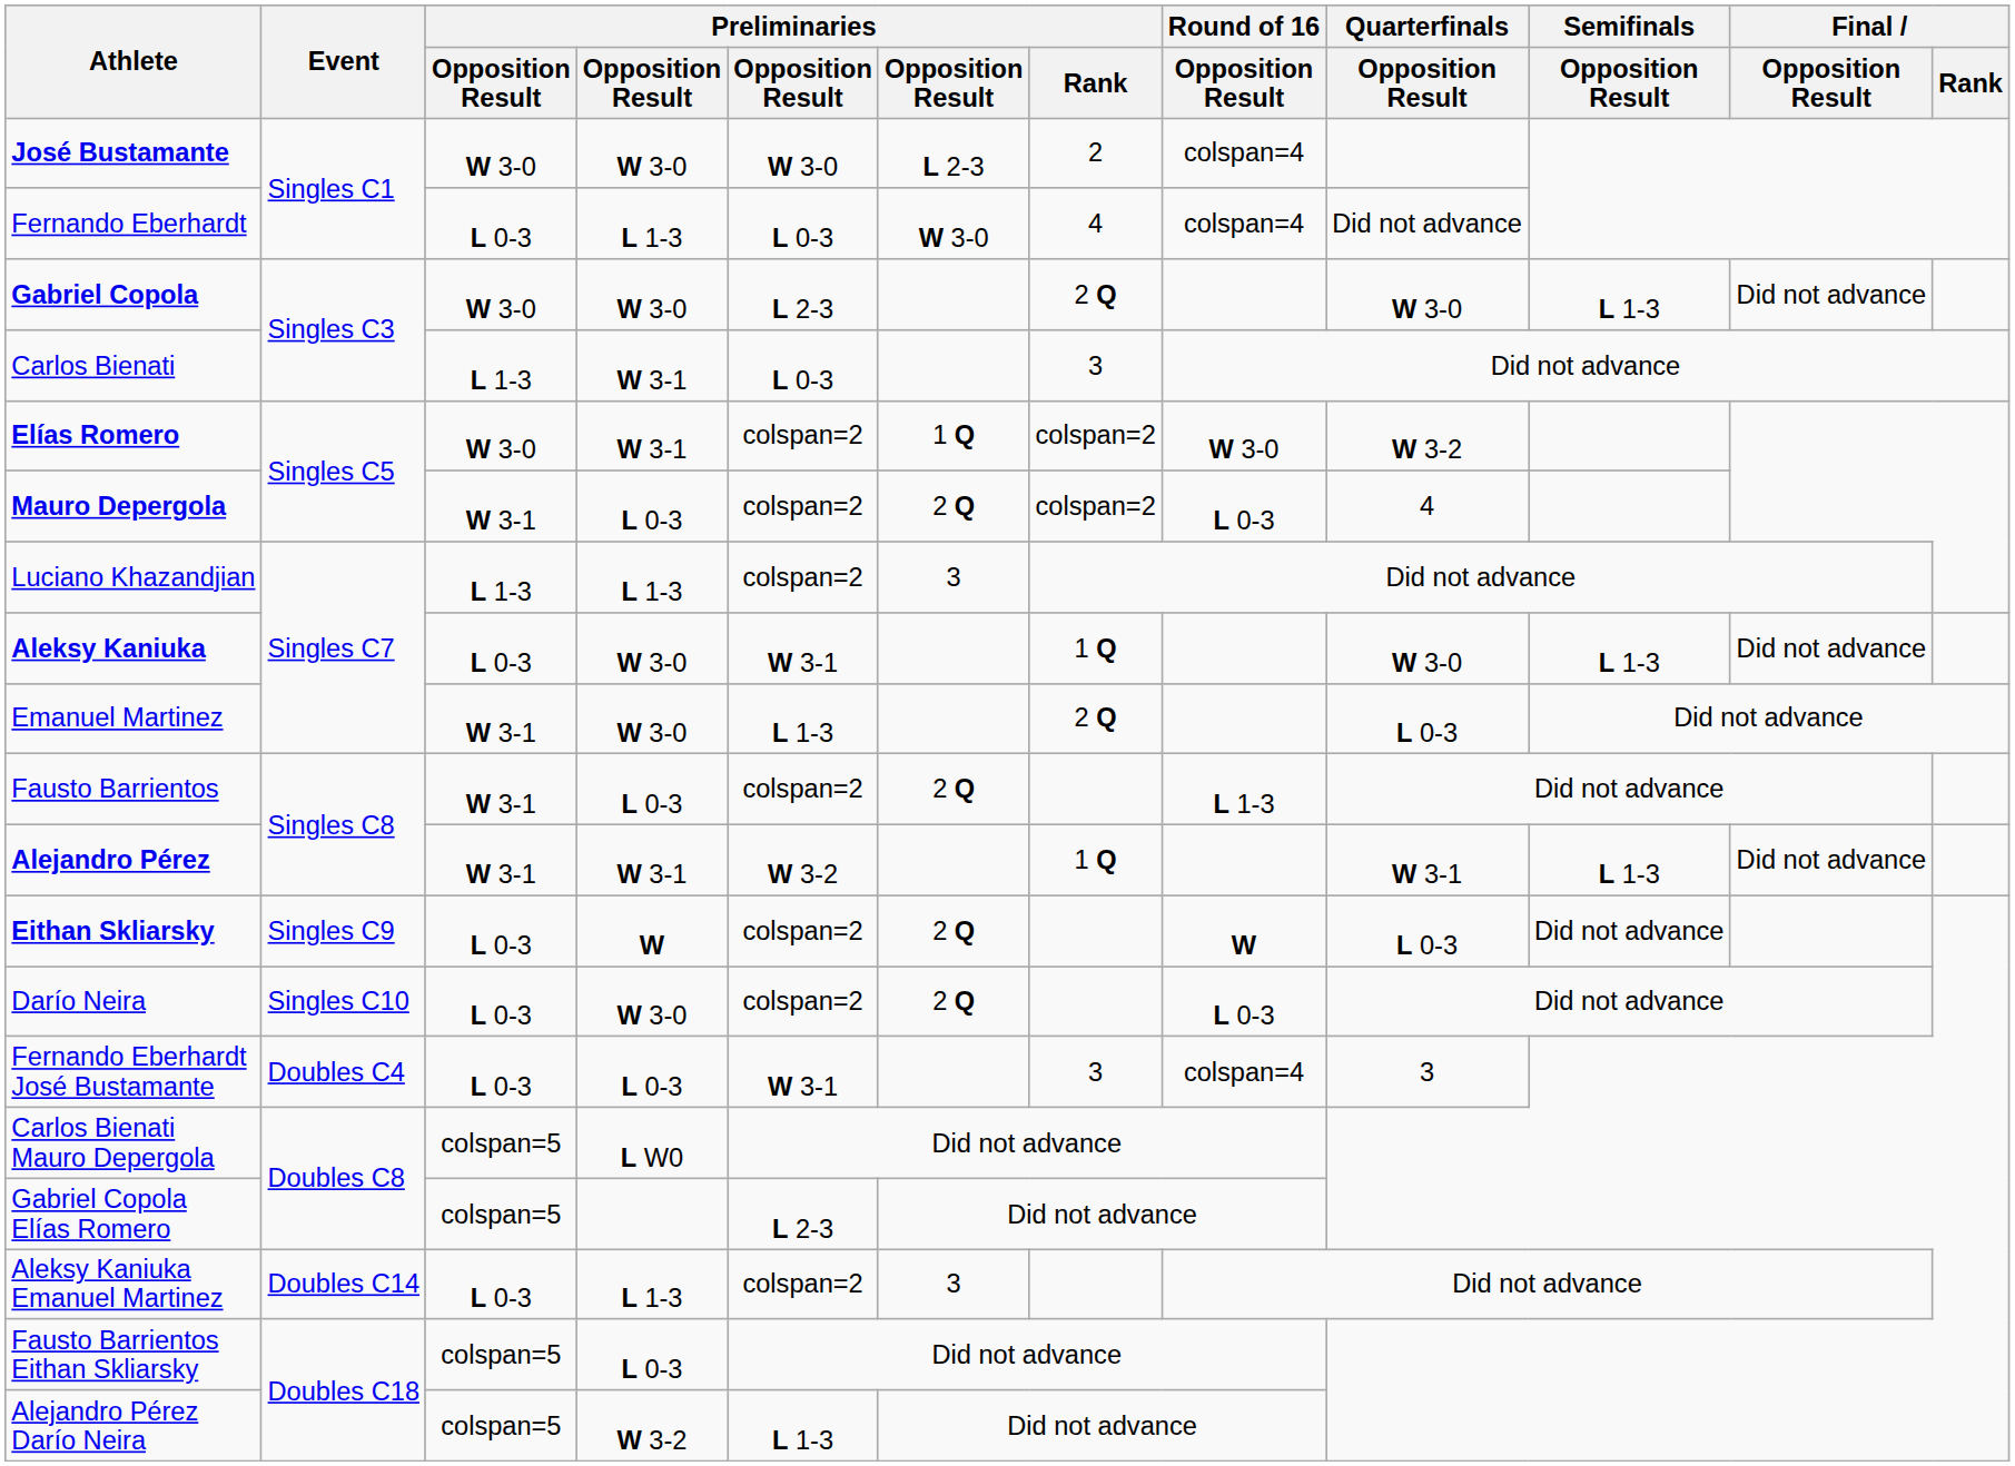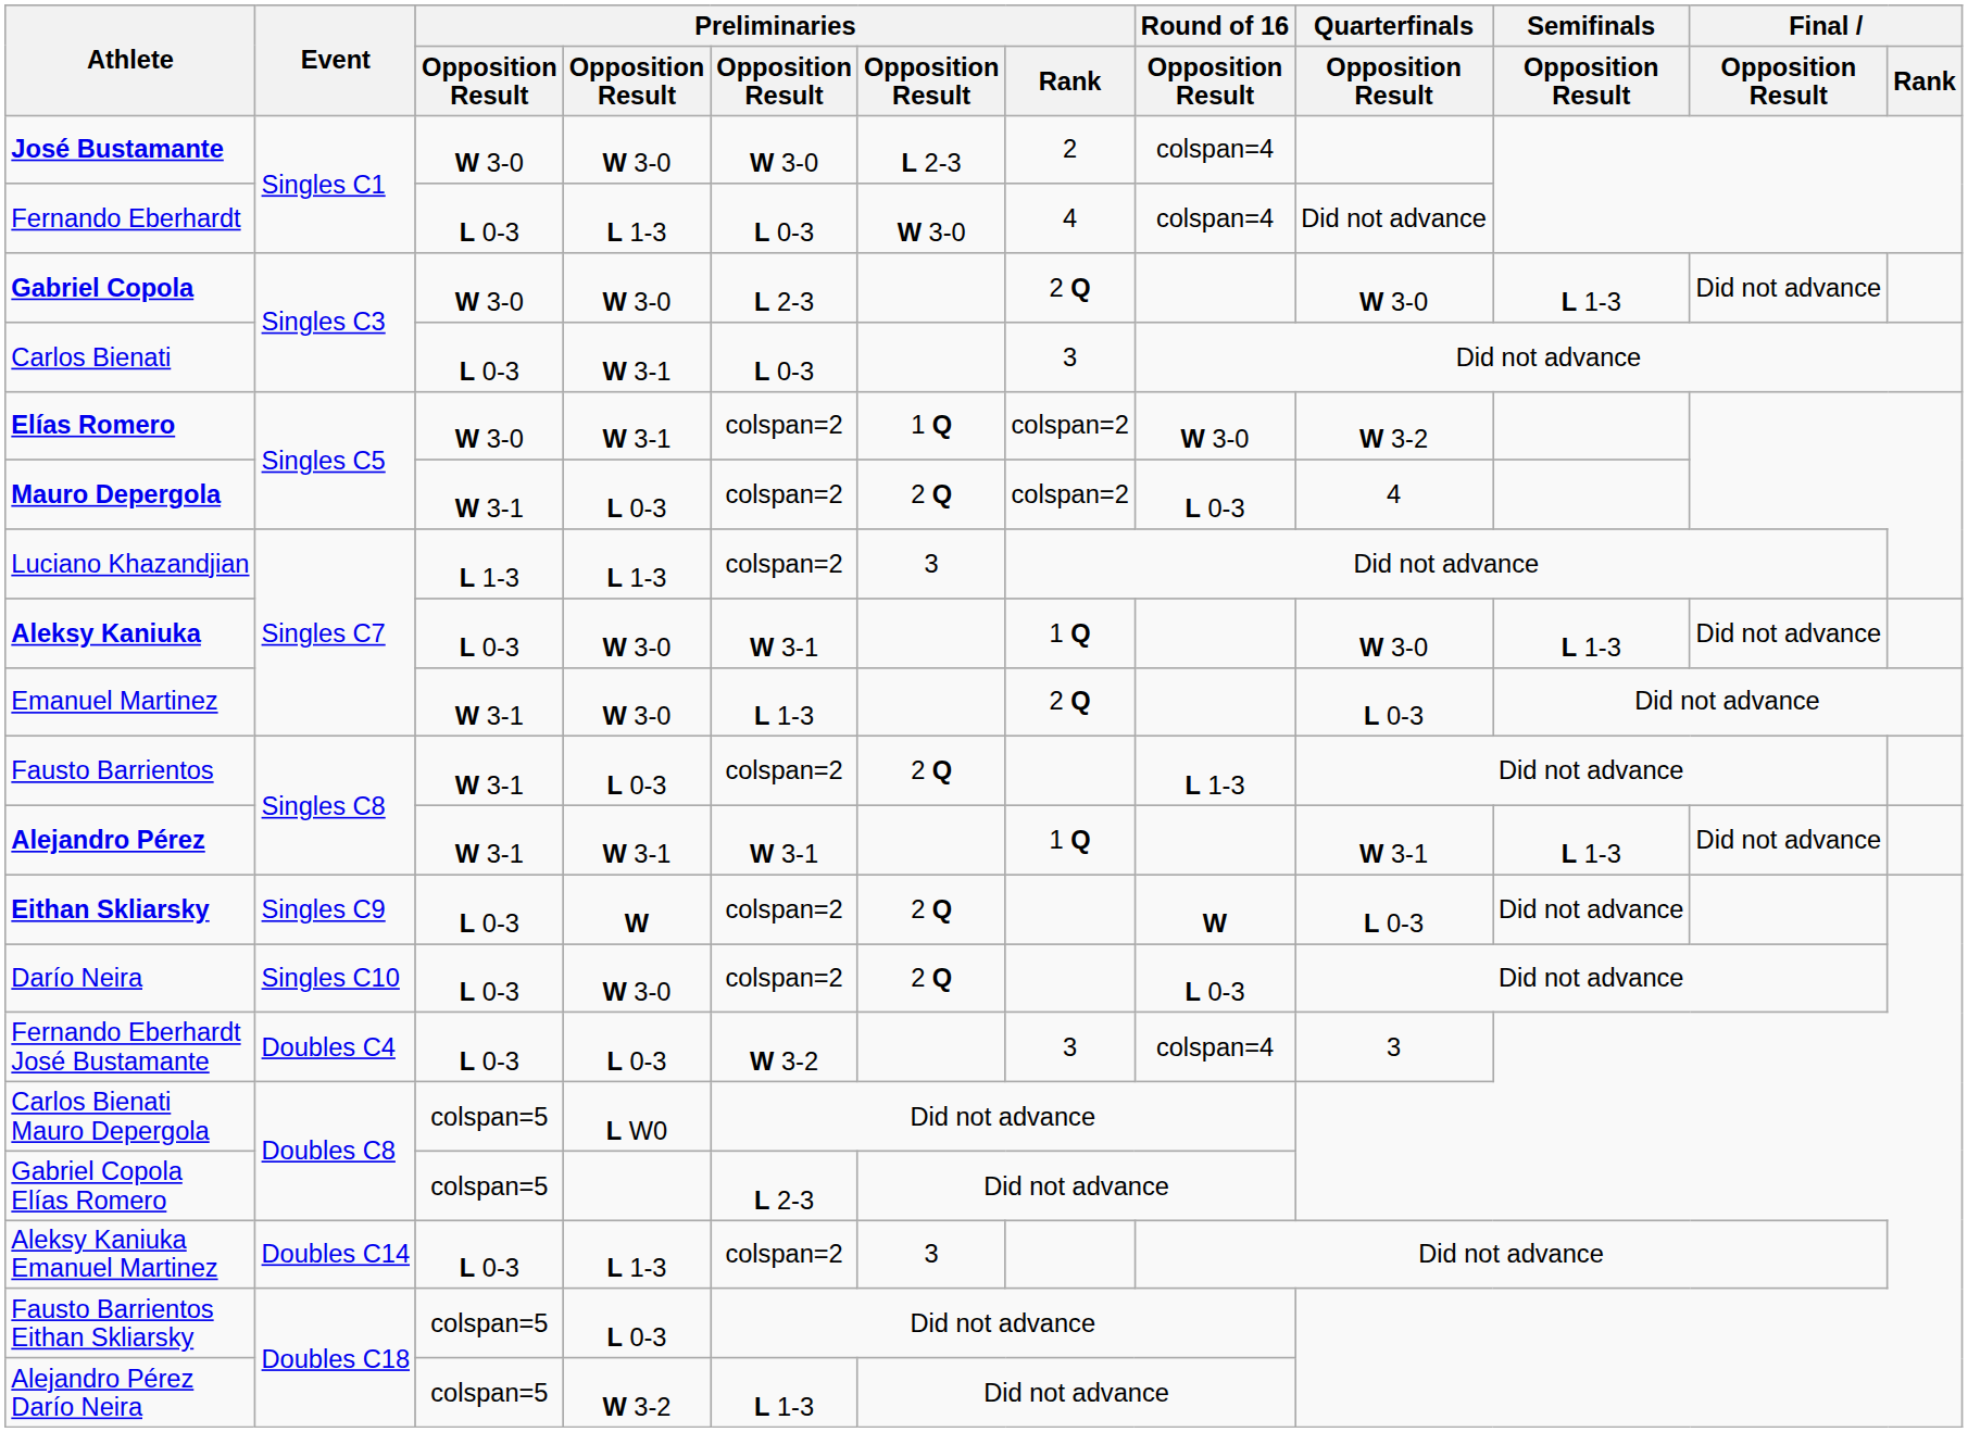 <table class=wikitable style="font-size:90%">
 <tr>
 <th rowspan="2">Athlete</th>
 <th rowspan="2">Event</th>
 <th colspan="5">Preliminaries</th>
 <th>Round of 16</th>
 <th>Quarterfinals</th>
 <th>Semifinals</th>
 <th colspan="2">Final / </th>
 </tr>
 <tr>
 <th>Opposition<br>Result</th>
 <th>Opposition<br>Result</th>
 <th>Opposition<br>Result</th>
 <th>Opposition<br>Result</th>
 <th>Rank</th>
 <th>Opposition<br>Result</th>
 <th>Opposition<br>Result</th>
 <th>Opposition<br>Result</th>
 <th>Opposition<br>Result</th>
 <th>Rank</th>
 </tr>
 <tr align=center>
 <td align=left><strong><a href='#'>José Bustamante</a></strong></td>
 <td align=left rowspan=2><a href='#'>Singles C1</a></td>
 <td><br><strong>W</strong> 3-0</td>
 <td><br><strong>W</strong> 3-0</td>
 <td><br><strong>W</strong> 3-0</td>
 <td><br><strong>L</strong> 2-3</td>
 <td>2</td>
 <td>colspan=4 </td>
 <td></td>
 </tr>
 <tr align=center>
 <td align=left><a href='#'>Fernando Eberhardt</a></td>
 <td><br><strong>L</strong> 0-3</td>
 <td><br><strong>L</strong> 1-3</td>
 <td><br><strong>L</strong> 0-3</td>
 <td><br><strong>W</strong> 3-0</td>
 <td>4</td>
 <td>colspan=4 </td>
 <td>Did not advance</td>
 </tr>
 <tr align=center>
 <td align=left><strong><a href='#'>Gabriel Copola</a></strong></td>
 <td align=left rowspan=2><a href='#'>Singles C3</a></td>
 <td><br><strong>W</strong> 3-0</td>
 <td><br><strong>W</strong> 3-0</td>
 <td><br><strong>L</strong> 2-3</td>
 <td></td>
 <td>2 <strong>Q</strong></td>
 <td></td>
 <td><br><strong>W</strong> 3-0</td>
 <td><br><strong>L</strong> 1-3</td>
 <td>Did not advance</td>
 <td></td>
 </tr>
 <tr align=center>
 <td align=left><a href='#'>Carlos Bienati</a></td>
-<td><br><strong>L</strong> 1-3</td>
+<td><br><strong>L</strong> 0-3</td>
 <td><br><strong>W</strong> 3-1</td>
 <td><br><strong>L</strong> 0-3</td>
 <td></td>
 <td>3</td>
 <td colspan=5>Did not advance</td>
 </tr>
 <tr align=center>
 <td align=left><strong><a href='#'>Elías Romero</a></strong></td>
 <td align=left rowspan=2><a href='#'>Singles C5</a></td>
 <td><br><strong>W</strong> 3-0</td>
 <td><br><strong>W</strong> 3-1</td>
 <td>colspan=2 </td>
 <td>1 <strong>Q</strong></td>
 <td>colspan=2 </td>
 <td><br><strong>W</strong> 3-0</td>
 <td><br><strong>W</strong> 3-2</td>
 <td></td>
 </tr>
 <tr align=center>
 <td align=left><strong><a href='#'>Mauro Depergola</a></strong></td>
 <td><br><strong>W</strong> 3-1</td>
 <td><br><strong>L</strong> 0-3</td>
 <td>colspan=2 </td>
 <td>2 <strong>Q</strong></td>
 <td>colspan=2 </td>
 <td><br><strong>L</strong> 0-3</td>
 <td>4</td>
 <td></td>
 </tr>
 <tr align=center>
 <td align=left><a href='#'>Luciano Khazandjian</a></td>
 <td align=left rowspan=3><a href='#'>Singles C7</a></td>
 <td><br><strong>L</strong> 1-3</td>
 <td><br><strong>L</strong> 1-3</td>
 <td>colspan=2 </td>
 <td>3</td>
 <td colspan=5>Did not advance</td>
 </tr>
 <tr align=center>
 <td align=left><strong><a href='#'>Aleksy Kaniuka</a></strong></td>
 <td><br><strong>L</strong> 0-3</td>
 <td><br><strong>W</strong> 3-0</td>
 <td><br><strong>W</strong> 3-1</td>
 <td></td>
 <td>1 <strong>Q</strong></td>
 <td></td>
 <td><br><strong>W</strong> 3-0</td>
 <td><br><strong>L</strong> 1-3</td>
 <td>Did not advance</td>
 <td></td>
 </tr>
 <tr align=center>
 <td align=left><a href='#'>Emanuel Martinez</a></td>
 <td><br><strong>W</strong> 3-1</td>
 <td><br><strong>W</strong> 3-0</td>
 <td><br><strong>L</strong> 1-3</td>
 <td></td>
 <td>2 <strong>Q</strong></td>
 <td></td>
 <td><br><strong>L</strong> 0-3</td>
 <td colspan=3>Did not advance</td>
 </tr>
 <tr align=center>
 <td align=left><a href='#'>Fausto Barrientos</a></td>
 <td align=left rowspan=2><a href='#'>Singles C8</a></td>
 <td><br><strong>W</strong> 3-1</td>
 <td><br><strong>L</strong> 0-3</td>
 <td>colspan=2 </td>
 <td>2 <strong>Q</strong></td>
 <td></td>
 <td><br><strong>L</strong> 1-3</td>
 <td colspan=3>Did not advance</td>
 </tr>
 <tr align=center>
 <td align=left><strong><a href='#'>Alejandro Pérez</a></strong></td>
 <td><br><strong>W</strong> 3-1</td>
 <td><br><strong>W</strong> 3-1</td>
-<td><br><strong>W</strong> 3-2</td>
+<td><br><strong>W</strong> 3-1</td>
 <td></td>
 <td>1 <strong>Q</strong></td>
 <td></td>
 <td><br><strong>W</strong> 3-1</td>
 <td><br><strong>L</strong> 1-3</td>
 <td>Did not advance</td>
 <td></td>
 </tr>
 <tr align=center>
 <td align=left><strong><a href='#'>Eithan Skliarsky</a></strong></td>
 <td align=left><a href='#'>Singles C9</a></td>
 <td><br><strong>L</strong> 0-3</td>
 <td><br><strong>W</strong> </td>
 <td>colspan=2 </td>
 <td>2 <strong>Q</strong></td>
 <td></td>
 <td><br><strong>W</strong> </td>
 <td><br><strong>L</strong> 0-3</td>
 <td>Did not advance</td>
 <td></td>
 </tr>
 <tr align=center>
 <td align=left><a href='#'>Darío Neira</a></td>
 <td align=left><a href='#'>Singles C10</a></td>
 <td><br><strong>L</strong> 0-3</td>
 <td><br><strong>W</strong> 3-0</td>
 <td>colspan=2 </td>
 <td>2 <strong>Q</strong></td>
 <td></td>
 <td><br><strong>L</strong> 0-3</td>
 <td colspan=3>Did not advance</td>
 </tr>
 <tr align=center>
 <td align=left><a href='#'>Fernando Eberhardt</a><br><a href='#'>José Bustamante</a></td>
 <td align=left><a href='#'>Doubles C4</a></td>
 <td><br><strong>L</strong> 0-3</td>
 <td><br><strong>L</strong> 0-3</td>
-<td><br><strong>W</strong> 3-1</td>
+<td><br><strong>W</strong> 3-2</td>
 <td></td>
 <td>3</td>
 <td>colspan=4 </td>
 <td>3</td>
 </tr>
 <tr align=center>
 <td align=left><a href='#'>Carlos Bienati</a><br><a href='#'>Mauro Depergola</a></td>
 <td align=left rowspan=2><a href='#'>Doubles C8</a></td>
 <td>colspan=5 </td>
 <td><br><strong>L</strong> W0</td>
 <td colspan=4>Did not advance</td>
 </tr>
 <tr align=center>
 <td align=left><a href='#'>Gabriel Copola</a><br><a href='#'>Elías Romero</a></td>
 <td>colspan=5 </td>
 <td></td>
 <td><br><strong>L</strong> 2-3</td>
 <td colspan=3>Did not advance</td>
 </tr>
 <tr align=center>
 <td align=left><a href='#'>Aleksy Kaniuka</a><br><a href='#'>Emanuel Martinez</a></td>
 <td align=left><a href='#'>Doubles C14</a></td>
 <td><br><strong>L</strong> 0-3</td>
 <td><br><strong>L</strong> 1-3</td>
 <td>colspan=2 </td>
 <td>3</td>
 <td></td>
 <td colspan=4>Did not advance</td>
 </tr>
 <tr align=center>
 <td align=left><a href='#'>Fausto Barrientos</a><br><a href='#'>Eithan Skliarsky</a></td>
 <td align=left rowspan=2><a href='#'>Doubles C18</a></td>
 <td>colspan=5 </td>
 <td><br><strong>L</strong> 0-3</td>
 <td colspan=4>Did not advance</td>
 </tr>
 <tr align=center>
 <td align=left><a href='#'>Alejandro Pérez</a><br><a href='#'>Darío Neira</a></td>
 <td>colspan=5 </td>
 <td><br><strong>W</strong> 3-2</td>
 <td><br><strong>L</strong> 1-3</td>
 <td colspan=3>Did not advance</td>
 </tr>
 </table>
